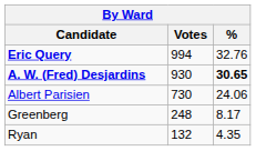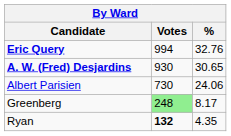 <table class="wikitable">
 <tr>
 <th colspan="3"><a href='#'>By Ward</a></th>
 </tr>
 <tr>
 <th style="width: 200px">Candidate</th>
 <th style="width: 50px">Votes</th>
 <th style="width: 40px">%</th>
 </tr>
 <tr>
 <td><strong><a href='#'>Eric Query</a></strong></td>
 <td>994</td>
 <td>32.76</td>
 </tr>
 <tr>
 <td><strong><a href='#'>A. W. (Fred) Desjardins</a></strong></td>
 <td>930</td>
-<td><strong>30.65</strong></td>
+<td>30.65</td>
 </tr>
 <tr>
 <td><a href='#'>Albert Parisien</a></td>
 <td>730</td>
 <td>24.06</td>
 </tr>
 <tr>
 <td>Greenberg</td>
-<td>248</td>
+<td style="background: lightgreen;">248</td>
 <td>8.17</td>
 </tr>
 <tr>
 <td>Ryan</td>
-<td>132</td>
+<td><strong>132</strong></td>
 <td>4.35</td>
 </tr>
 </table>
